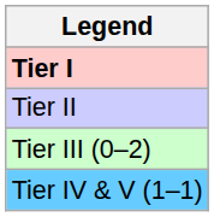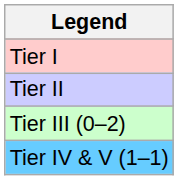 <table class=wikitable style="font-size:90%">
 <tr>
 <th>Legend</th>
 </tr>
 <tr>
-<td bgcolor=#ffcccc><strong>Tier I</strong></td>
+<td bgcolor=#ffcccc>Tier I</td>
 </tr>
 <tr>
 <td bgcolor=#ccccff>Tier II</td>
 </tr>
 <tr>
 <td bgcolor=#CCFFCC>Tier III (0–2)</td>
 </tr>
 <tr>
 <td bgcolor=#66CCFF>Tier IV & V (1–1)</td>
 </tr>
 </table>
